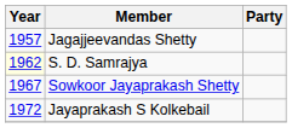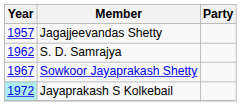 <table class="wikitable sortable">
 <tr>
 <th>Year</th>
 <th>Member</th>
 <th colspan="2">Party</th>
 </tr>
 <tr>
 <td><a href='#'>1957</a></td>
 <td>Jagajjeevandas Shetty</td>
 <td></td>
 </tr>
 <tr>
-<td style="background: lightyellow;"><a href='#'>1962</a></td>
+<td><a href='#'>1962</a></td>
 <td>S. D. Samrajya</td>
 </tr>
 <tr>
 <td><a href='#'>1967</a></td>
 <td><a href='#'>Sowkoor Jayaprakash Shetty</a></td>
 <td></td>
 </tr>
 <tr>
-<td><a href='#'>1972</a></td>
+<td style="background: paleturquoise;"><a href='#'>1972</a></td>
 <td>Jayaprakash S Kolkebail</td>
 <td></td>
 </tr>
 <tr>
 </tr>
 </table>
